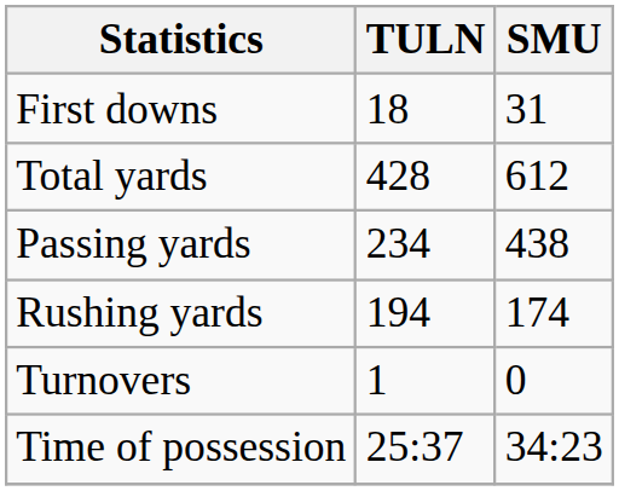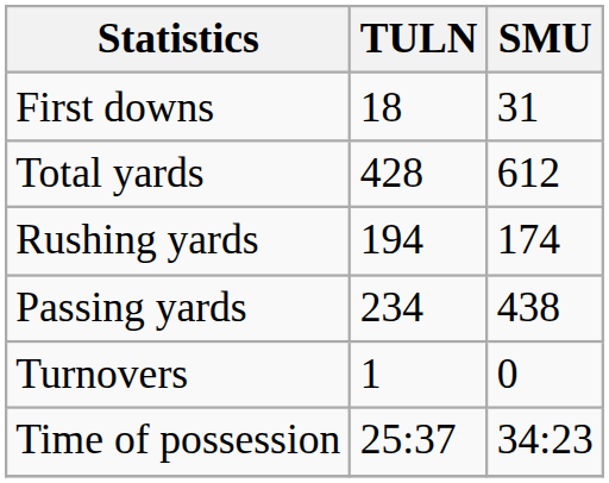 <table class="wikitable">
 <tr>
 <th>Statistics</th>
 <th>TULN</th>
 <th>SMU</th>
 </tr>
 <tr>
 <td>First downs</td>
 <td>18</td>
 <td>31</td>
 </tr>
 <tr>
 <td>Total yards</td>
 <td>428</td>
 <td>612</td>
 </tr>
 <tr>
+<td>Rushing yards</td>
+<td>194</td>
+<td>174</td>
+</tr>
+<tr>
 <td>Passing yards</td>
 <td>234</td>
 <td>438</td>
-</tr>
-<tr>
-<td>Rushing yards</td>
-<td>194</td>
-<td>174</td>
 </tr>
 <tr>
 <td>Turnovers</td>
 <td>1</td>
 <td>0</td>
 </tr>
 <tr>
 <td>Time of possession</td>
 <td>25:37</td>
 <td>34:23</td>
 </tr>
 <tr>
 </tr>
 </table>
